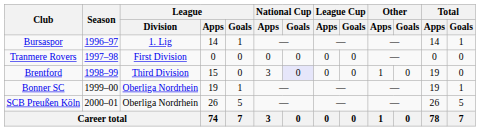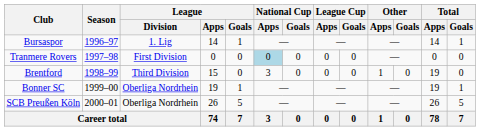 <table class="wikitable" style="text-align: center;">
 <tr>
 <th rowspan="2">Club</th>
 <th rowspan="2">Season</th>
 <th colspan="3">League</th>
 <th colspan="2">National Cup</th>
 <th colspan="2">League Cup</th>
 <th colspan="2">Other</th>
 <th colspan="2">Total</th>
 </tr>
 <tr>
 <th>Division</th>
 <th>Apps</th>
 <th>Goals</th>
 <th>Apps</th>
 <th>Goals</th>
 <th>Apps</th>
 <th>Goals</th>
 <th>Apps</th>
 <th>Goals</th>
 <th>Apps</th>
 <th>Goals</th>
 </tr>
 <tr>
 <td><a href='#'>Bursaspor</a></td>
 <td><a href='#'>1996–97</a></td>
 <td><a href='#'>1. Lig</a></td>
 <td>14</td>
 <td>1</td>
 <td colspan="2">—</td>
 <td colspan="2">—</td>
 <td colspan="2">—</td>
 <td>14</td>
 <td>1</td>
 </tr>
 <tr>
 <td><a href='#'>Tranmere Rovers</a></td>
 <td><a href='#'>1997–98</a></td>
 <td><a href='#'>First Division</a></td>
 <td>0</td>
 <td>0</td>
-<td>0</td>
+<td style="background: lightblue;">0</td>
 <td>0</td>
 <td>0</td>
 <td>0</td>
 <td colspan="2">—</td>
 <td>0</td>
 <td>0</td>
 </tr>
 <tr>
 <td><a href='#'>Brentford</a></td>
 <td><a href='#'>1998–99</a></td>
 <td><a href='#'>Third Division</a></td>
 <td>15</td>
 <td>0</td>
 <td>3</td>
-<td style="background: lavender;">0</td>
+<td>0</td>
 <td>0</td>
 <td>0</td>
 <td>1</td>
 <td>0</td>
 <td>19</td>
 <td>0</td>
 </tr>
 <tr>
 <td><a href='#'>Bonner SC</a></td>
 <td>1999–00</td>
 <td><a href='#'>Oberliga Nordrhein</a></td>
 <td>19</td>
 <td>1</td>
 <td colspan="2">—</td>
 <td colspan="2">—</td>
 <td colspan="2">—</td>
 <td>19</td>
 <td>1</td>
 </tr>
 <tr>
 <td><a href='#'>SCB Preußen Köln</a></td>
 <td>2000–01</td>
 <td>Oberliga Nordrhein</td>
 <td>26</td>
 <td>5</td>
 <td colspan="2">—</td>
 <td colspan="2">—</td>
 <td colspan="2">—</td>
 <td>26</td>
 <td>5</td>
 </tr>
 <tr>
 <th colspan="3">Career total</th>
 <th>74</th>
 <th>7</th>
 <th>3</th>
 <th>0</th>
 <th>0</th>
 <th>0</th>
 <th>1</th>
 <th>0</th>
 <th>78</th>
 <th>7</th>
 </tr>
 </table>
